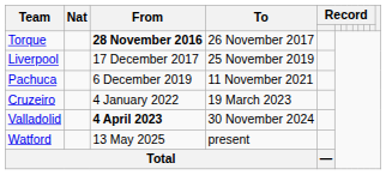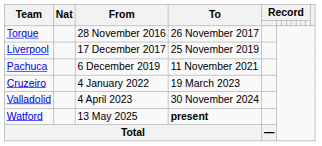 <table class="wikitable" style="text-align: center">
 <tr>
 <th rowspan="2">Team</th>
 <th rowspan="2">Nat</th>
 <th rowspan="2">From</th>
 <th rowspan="2">To</th>
 <th colspan="8">Record</th>
 <th rowspan=2></th>
 </tr>
 <tr>
 <th></th>
 <th></th>
 <th></th>
 <th></th>
 <th></th>
 <th></th>
 <th></th>
 <th></th>
 </tr>
 <tr>
 <td align=left><a href='#'>Torque</a></td>
 <td></td>
-<td align=left><strong>28 November 2016</strong></td>
+<td align=left>28 November 2016</td>
 <td align=left>26 November 2017<br></td>
 <td></td>
 </tr>
 <tr>
 <td align=left><a href='#'>Liverpool</a></td>
 <td></td>
 <td align=left>17 December 2017</td>
 <td align=left>25 November 2019<br></td>
 <td></td>
 </tr>
 <tr>
 <td align=left><a href='#'>Pachuca</a></td>
 <td></td>
 <td align=left>6 December 2019</td>
 <td align=left>11 November 2021<br></td>
 <td></td>
 </tr>
 <tr>
 <td align=left><a href='#'>Cruzeiro</a></td>
 <td></td>
 <td align=left>4 January 2022</td>
 <td align=left>19 March 2023<br></td>
 <td></td>
 </tr>
 <tr>
 <td align=left><a href='#'>Valladolid</a></td>
 <td></td>
-<td align=left><strong>4 April 2023</strong></td>
+<td align=left>4 April 2023</td>
 <td align=left>30 November 2024<br></td>
 <td></td>
 </tr>
 <tr>
 <td align=left><a href='#'>Watford</a></td>
 <td></td>
 <td align=left>13 May 2025</td>
-<td align=left>present<br></td>
+<td align=left><strong>present<br></strong></td>
 <td></td>
 </tr>
 <tr>
 <th colspan="4">Total<br></th>
 <th>—</th>
 </tr>
 </table>
